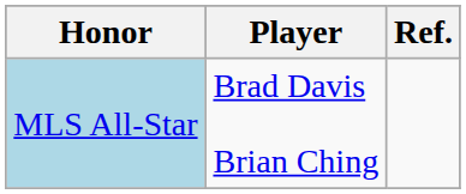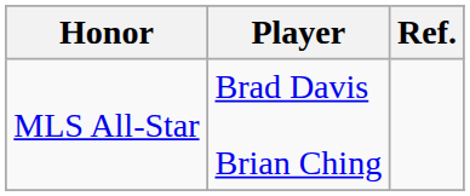 <table class="wikitable">
 <tr>
 <th>Honor</th>
 <th>Player</th>
 <th>Ref.</th>
 </tr>
 <tr>
-<td style="background: lightblue;"><a href='#'>MLS All-Star</a></td>
+<td><a href='#'>MLS All-Star</a></td>
 <td> <a href='#'>Brad Davis</a><br><br> <a href='#'>Brian Ching</a></td>
 <td></td>
 </tr>
 </table>
